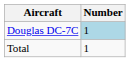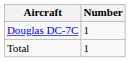 <table class="wikitable">
 <tr>
 <th>Aircraft</th>
 <th>Number</th>
 </tr>
 <tr>
 <td><a href='#'>Douglas DC-7C</a></td>
-<td style="background: lightblue;">1</td>
+<td>1</td>
 </tr>
 <tr>
 <td>Total</td>
 <td>1</td>
 </tr>
 </table>
